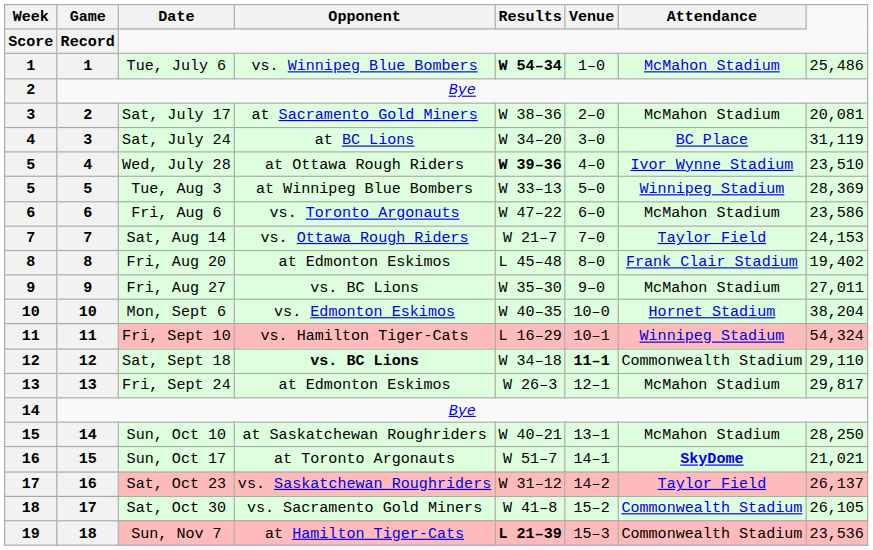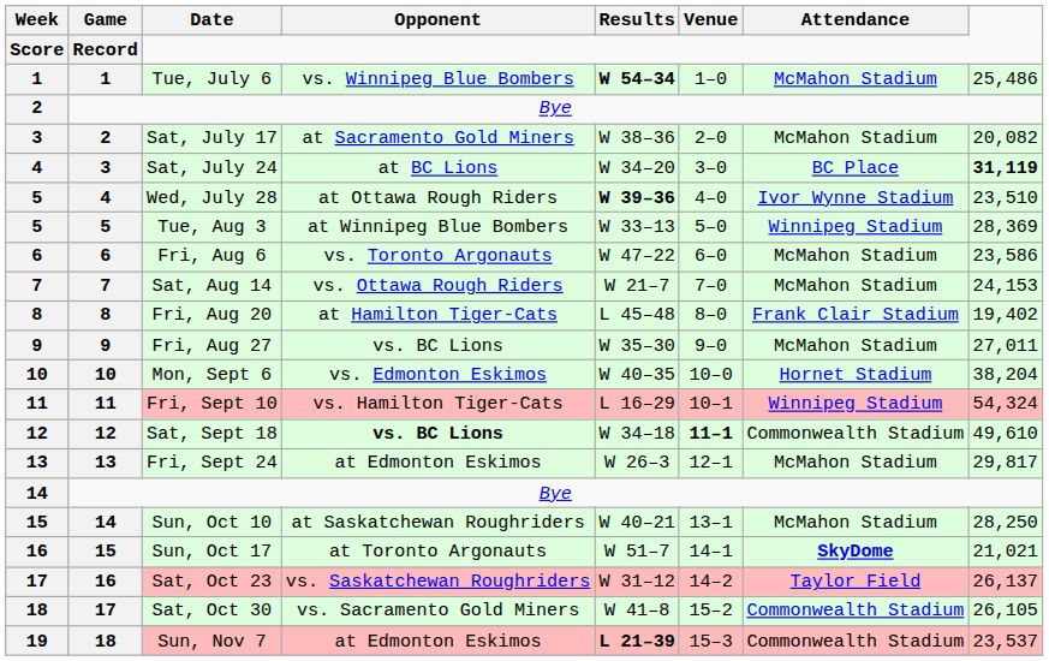 <table class="wikitable" style="text-align:center">
 <tr>
 <th>Week</th>
 <th>Game</th>
 <th>Date</th>
 <th>Opponent</th>
 <th>Results</th>
 <th>Venue</th>
 <th>Attendance</th>
 </tr>
 <tr>
 <th>Score</th>
 <th>Record</th>
 </tr>
 <tr style="background:#ddffdd">
 <th>1</th>
 <th>1</th>
 <td>Tue, July 6</td>
 <td>vs. <a href='#'>Winnipeg Blue Bombers</a></td>
 <td><strong>W 54–34</strong></td>
 <td>1–0</td>
 <td><a href='#'>McMahon Stadium</a></td>
 <td>25,486</td>
 </tr>
 <tr>
 <th>2</th>
 <td colspan="7"><em><a href='#'>Bye</a></em></td>
 </tr>
 <tr style="background:#ddffdd">
 <th>3</th>
 <th>2</th>
 <td>Sat, July 17</td>
 <td>at <a href='#'>Sacramento Gold Miners</a></td>
 <td>W 38–36</td>
 <td>2–0</td>
 <td>McMahon Stadium</td>
-<td>20,081</td>
+<td>20,082</td>
 </tr>
 <tr style="background:#ddffdd">
 <th>4</th>
 <th>3</th>
 <td>Sat, July 24</td>
 <td>at <a href='#'>BC Lions</a></td>
 <td>W 34–20</td>
 <td>3–0</td>
 <td><a href='#'>BC Place</a></td>
-<td>31,119</td>
+<td><strong>31,119</strong></td>
 </tr>
 <tr style="background:#ddffdd">
 <th>5</th>
 <th>4</th>
 <td>Wed, July 28</td>
 <td>at Ottawa Rough Riders</td>
 <td><strong>W 39–36</strong></td>
 <td>4–0</td>
 <td><a href='#'>Ivor Wynne Stadium</a></td>
 <td>23,510</td>
 </tr>
 <tr style="background:#ddffdd">
 <th>5</th>
 <th>5</th>
 <td>Tue, Aug 3</td>
 <td>at Winnipeg Blue Bombers</td>
 <td>W 33–13</td>
 <td>5–0</td>
 <td><a href='#'>Winnipeg Stadium</a></td>
 <td>28,369</td>
 </tr>
 <tr style="background:#ddffdd">
 <th>6</th>
 <th>6</th>
 <td>Fri, Aug 6</td>
 <td>vs. <a href='#'>Toronto Argonauts</a></td>
 <td>W 47–22</td>
 <td>6–0</td>
 <td>McMahon Stadium</td>
 <td>23,586</td>
 </tr>
 <tr style="background:#ddffdd">
 <th>7</th>
 <th>7</th>
 <td>Sat, Aug 14</td>
 <td>vs. <a href='#'>Ottawa Rough Riders</a></td>
 <td>W 21–7</td>
 <td>7–0</td>
-<td><a href='#'>Taylor Field</a></td>
+<td>McMahon Stadium</td>
 <td>24,153</td>
 </tr>
 <tr style="background:#ddffdd">
 <th>8</th>
 <th>8</th>
 <td>Fri, Aug 20</td>
-<td>at Edmonton Eskimos</td>
+<td>at <a href='#'>Hamilton Tiger-Cats</a></td>
 <td>L 45–48</td>
 <td>8–0</td>
 <td><a href='#'>Frank Clair Stadium</a></td>
 <td>19,402</td>
 </tr>
 <tr style="background:#ddffdd">
 <th>9</th>
 <th>9</th>
 <td>Fri, Aug 27</td>
 <td>vs. BC Lions</td>
 <td>W 35–30</td>
 <td>9–0</td>
 <td>McMahon Stadium</td>
 <td>27,011</td>
 </tr>
 <tr style="background:#ddffdd">
 <th>10</th>
 <th>10</th>
 <td>Mon, Sept 6</td>
 <td>vs. <a href='#'>Edmonton Eskimos</a></td>
 <td>W 40–35</td>
 <td>10–0</td>
 <td><a href='#'>Hornet Stadium</a></td>
 <td>38,204</td>
 </tr>
 <tr style="background:#ffbbbb">
 <th>11</th>
 <th>11</th>
 <td>Fri, Sept 10</td>
 <td>vs. Hamilton Tiger-Cats</td>
 <td>L 16–29</td>
 <td>10–1</td>
 <td><a href='#'>Winnipeg Stadium</a></td>
 <td>54,324</td>
 </tr>
 <tr style="background:#ddffdd">
 <th>12</th>
 <th>12</th>
 <td>Sat, Sept 18</td>
 <td><strong>vs. BC Lions</strong></td>
 <td>W 34–18</td>
 <td><strong>11–1</strong></td>
 <td>Commonwealth Stadium</td>
-<td>29,110</td>
+<td>49,610</td>
 </tr>
 <tr style="background:#ddffdd">
 <th>13</th>
 <th>13</th>
 <td>Fri, Sept 24</td>
 <td>at Edmonton Eskimos</td>
 <td>W 26–3</td>
 <td>12–1</td>
 <td>McMahon Stadium</td>
 <td>29,817</td>
 </tr>
 <tr>
 <th>14</th>
 <td colspan="7"><em><a href='#'>Bye</a></em></td>
 </tr>
 <tr style="background:#ddffdd">
 <th>15</th>
 <th>14</th>
 <td>Sun, Oct 10</td>
 <td>at Saskatchewan Roughriders</td>
 <td>W 40–21</td>
 <td>13–1</td>
 <td>McMahon Stadium</td>
 <td>28,250</td>
 </tr>
 <tr style="background:#ddffdd">
 <th>16</th>
 <th>15</th>
 <td>Sun, Oct 17</td>
 <td>at Toronto Argonauts</td>
 <td>W 51–7</td>
 <td>14–1</td>
 <td><strong><a href='#'>SkyDome</a></strong></td>
 <td>21,021</td>
 </tr>
 <tr align="center" bgcolor="#ffbbbb">
 <th>17</th>
 <th>16</th>
 <td>Sat, Oct 23</td>
 <td>vs. <a href='#'>Saskatchewan Roughriders</a></td>
 <td>W 31–12</td>
 <td>14–2</td>
 <td><a href='#'>Taylor Field</a></td>
 <td>26,137</td>
 </tr>
 <tr style="background:#ddffdd">
 <th>18</th>
 <th>17</th>
 <td>Sat, Oct 30</td>
 <td>vs. Sacramento Gold Miners</td>
 <td>W 41–8</td>
 <td>15–2</td>
 <td><a href='#'>Commonwealth Stadium</a></td>
 <td>26,105</td>
 </tr>
 <tr style="background:#ffbbbb">
 <th>19</th>
 <th>18</th>
 <td>Sun, Nov 7</td>
-<td>at <a href='#'>Hamilton Tiger-Cats</a></td>
+<td>at Edmonton Eskimos</td>
 <td><strong>L 21–39</strong></td>
 <td>15–3</td>
 <td>Commonwealth Stadium</td>
-<td>23,536</td>
+<td>23,537</td>
 </tr>
 </table>
